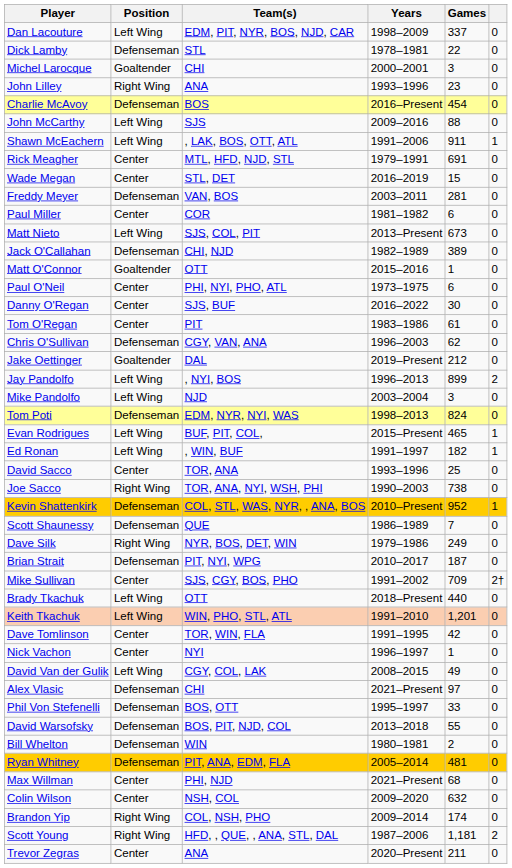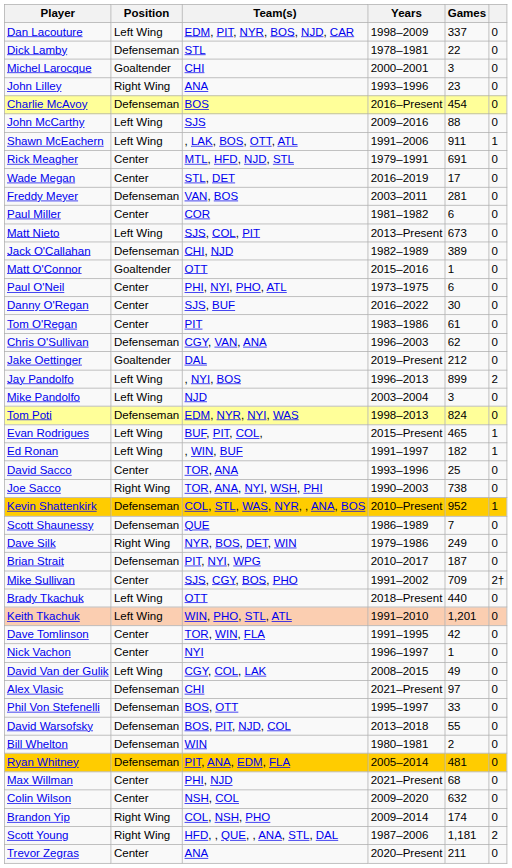 <table class="wikitable sortable">
 <tr>
 <th>Player</th>
 <th>Position</th>
 <th>Team(s)</th>
 <th>Years</th>
 <th>Games</th>
 <th><a href='#'></a></th>
 </tr>
 <tr>
 <td><a href='#'>Dan Lacouture</a></td>
 <td>Left Wing</td>
 <td><a href='#'>EDM</a>, <a href='#'>PIT</a>, <a href='#'>NYR</a>, <a href='#'>BOS</a>, <a href='#'>NJD</a>, <a href='#'>CAR</a></td>
 <td>1998–2009</td>
 <td>337</td>
 <td>0</td>
 </tr>
 <tr>
 <td><a href='#'>Dick Lamby</a></td>
 <td>Defenseman</td>
 <td><a href='#'>STL</a></td>
 <td>1978–1981</td>
 <td>22</td>
 <td>0</td>
 </tr>
 <tr>
 <td><a href='#'>Michel Larocque</a></td>
 <td>Goaltender</td>
 <td><a href='#'>CHI</a></td>
 <td>2000–2001</td>
 <td>3</td>
 <td>0</td>
 </tr>
 <tr>
 <td><a href='#'>John Lilley</a></td>
 <td>Right Wing</td>
 <td><a href='#'>ANA</a></td>
 <td>1993–1996</td>
 <td>23</td>
 <td>0</td>
 </tr>
 <tr bgcolor=FFFF99>
 <td><a href='#'>Charlie McAvoy</a></td>
 <td>Defenseman</td>
 <td><a href='#'>BOS</a></td>
 <td>2016–Present</td>
 <td>454</td>
 <td>0</td>
 </tr>
 <tr>
 <td><a href='#'>John McCarthy</a></td>
 <td>Left Wing</td>
 <td><a href='#'>SJS</a></td>
 <td>2009–2016</td>
 <td>88</td>
 <td>0</td>
 </tr>
 <tr>
 <td><a href='#'>Shawn McEachern</a></td>
 <td>Left Wing</td>
 <td><span><strong></strong></span>, <a href='#'>LAK</a>, <a href='#'>BOS</a>, <a href='#'>OTT</a>, <a href='#'>ATL</a></td>
 <td>1991–2006</td>
 <td>911</td>
 <td>1</td>
 </tr>
 <tr>
 <td><a href='#'>Rick Meagher</a></td>
 <td>Center</td>
 <td><a href='#'>MTL</a>, <a href='#'>HFD</a>, <a href='#'>NJD</a>, <a href='#'>STL</a></td>
 <td>1979–1991</td>
 <td>691</td>
 <td>0</td>
 </tr>
 <tr>
 <td><a href='#'>Wade Megan</a></td>
 <td>Center</td>
 <td><a href='#'>STL</a>, <a href='#'>DET</a></td>
 <td>2016–2019</td>
-<td>15</td>
+<td>17</td>
 <td>0</td>
 </tr>
 <tr>
 <td><a href='#'>Freddy Meyer</a></td>
 <td>Defenseman</td>
 <td><a href='#'>VAN</a>, <a href='#'>BOS</a></td>
 <td>2003–2011</td>
 <td>281</td>
 <td>0</td>
 </tr>
 <tr>
 <td><a href='#'>Paul Miller</a></td>
 <td>Center</td>
 <td><a href='#'>COR</a></td>
 <td>1981–1982</td>
 <td>6</td>
 <td>0</td>
 </tr>
 <tr>
 <td><a href='#'>Matt Nieto</a></td>
 <td>Left Wing</td>
 <td><a href='#'>SJS</a>, <a href='#'>COL</a>, <a href='#'>PIT</a></td>
 <td>2013–Present</td>
 <td>673</td>
 <td>0</td>
 </tr>
 <tr>
 <td><a href='#'>Jack O'Callahan</a></td>
 <td>Defenseman</td>
 <td><a href='#'>CHI</a>, <a href='#'>NJD</a></td>
 <td>1982–1989</td>
 <td>389</td>
 <td>0</td>
 </tr>
 <tr>
 <td><a href='#'>Matt O'Connor</a></td>
 <td>Goaltender</td>
 <td><a href='#'>OTT</a></td>
 <td>2015–2016</td>
 <td>1</td>
 <td>0</td>
 </tr>
 <tr>
 <td><a href='#'>Paul O'Neil</a></td>
 <td>Center</td>
 <td><a href='#'>PHI</a>, <a href='#'>NYI</a>, <a href='#'>PHO</a>, <a href='#'>ATL</a></td>
 <td>1973–1975</td>
 <td>6</td>
 <td>0</td>
 </tr>
 <tr>
 <td><a href='#'>Danny O'Regan</a></td>
 <td>Center</td>
 <td><a href='#'>SJS</a>, <a href='#'>BUF</a></td>
 <td>2016–2022</td>
 <td>30</td>
 <td>0</td>
 </tr>
 <tr>
 <td><a href='#'>Tom O'Regan</a></td>
 <td>Center</td>
 <td><a href='#'>PIT</a></td>
 <td>1983–1986</td>
 <td>61</td>
 <td>0</td>
 </tr>
 <tr>
 <td><a href='#'>Chris O'Sullivan</a></td>
 <td>Defenseman</td>
 <td><a href='#'>CGY</a>, <a href='#'>VAN</a>, <a href='#'>ANA</a></td>
 <td>1996–2003</td>
 <td>62</td>
 <td>0</td>
 </tr>
 <tr>
 <td><a href='#'>Jake Oettinger</a></td>
 <td>Goaltender</td>
 <td><a href='#'>DAL</a></td>
 <td>2019–Present</td>
 <td>212</td>
 <td>0</td>
 </tr>
 <tr>
 <td><a href='#'>Jay Pandolfo</a></td>
 <td>Left Wing</td>
 <td><span><strong></strong></span>, <a href='#'>NYI</a>, <a href='#'>BOS</a></td>
 <td>1996–2013</td>
 <td>899</td>
 <td>2</td>
 </tr>
 <tr>
 <td><a href='#'>Mike Pandolfo</a></td>
 <td>Left Wing</td>
 <td><a href='#'>NJD</a></td>
 <td>2003–2004</td>
 <td>3</td>
 <td>0</td>
 </tr>
 <tr bgcolor=FFFF99>
 <td><a href='#'>Tom Poti</a></td>
 <td>Defenseman</td>
 <td><a href='#'>EDM</a>, <a href='#'>NYR</a>, <a href='#'>NYI</a>, <a href='#'>WAS</a></td>
 <td>1998–2013</td>
 <td>824</td>
 <td>0</td>
 </tr>
 <tr>
 <td><a href='#'>Evan Rodrigues</a></td>
 <td>Left Wing</td>
 <td><a href='#'>BUF</a>, <a href='#'>PIT</a>, <a href='#'>COL</a>, <span><strong></strong></span></td>
 <td>2015–Present</td>
 <td>465</td>
 <td>1</td>
 </tr>
 <tr>
 <td><a href='#'>Ed Ronan</a></td>
 <td>Left Wing</td>
 <td><span><strong></strong></span>, <a href='#'>WIN</a>, <a href='#'>BUF</a></td>
 <td>1991–1997</td>
 <td>182</td>
 <td>1</td>
 </tr>
 <tr>
 <td><a href='#'>David Sacco</a></td>
 <td>Center</td>
 <td><a href='#'>TOR</a>, <a href='#'>ANA</a></td>
 <td>1993–1996</td>
 <td>25</td>
 <td>0</td>
 </tr>
 <tr>
 <td><a href='#'>Joe Sacco</a></td>
 <td>Right Wing</td>
 <td><a href='#'>TOR</a>, <a href='#'>ANA</a>, <a href='#'>NYI</a>, <a href='#'>WSH</a>, <a href='#'>PHI</a></td>
 <td>1990–2003</td>
 <td>738</td>
 <td>0</td>
 </tr>
 <tr bgcolor=FFCC00>
 <td><a href='#'>Kevin Shattenkirk</a></td>
 <td>Defenseman</td>
 <td><a href='#'>COL</a>, <a href='#'>STL</a>, <a href='#'>WAS</a>, <a href='#'>NYR</a>, <span><strong></strong></span>, <a href='#'>ANA</a>, <a href='#'>BOS</a></td>
 <td>2010–Present</td>
 <td>952</td>
 <td>1</td>
 </tr>
 <tr>
 <td><a href='#'>Scott Shaunessy</a></td>
 <td>Defenseman</td>
 <td><a href='#'>QUE</a></td>
 <td>1986–1989</td>
 <td>7</td>
 <td>0</td>
 </tr>
 <tr>
 <td><a href='#'>Dave Silk</a></td>
 <td>Right Wing</td>
 <td><a href='#'>NYR</a>, <a href='#'>BOS</a>, <a href='#'>DET</a>, <a href='#'>WIN</a></td>
 <td>1979–1986</td>
 <td>249</td>
 <td>0</td>
 </tr>
 <tr>
 <td><a href='#'>Brian Strait</a></td>
 <td>Defenseman</td>
 <td><a href='#'>PIT</a>, <a href='#'>NYI</a>, <a href='#'>WPG</a></td>
 <td>2010–2017</td>
 <td>187</td>
 <td>0</td>
 </tr>
 <tr>
 <td><a href='#'>Mike Sullivan</a></td>
 <td>Center</td>
 <td><a href='#'>SJS</a>, <a href='#'>CGY</a>, <a href='#'>BOS</a>, <a href='#'>PHO</a></td>
 <td>1991–2002</td>
 <td>709</td>
 <td>2†</td>
 </tr>
 <tr>
 <td><a href='#'>Brady Tkachuk</a></td>
 <td>Left Wing</td>
 <td><a href='#'>OTT</a></td>
 <td>2018–Present</td>
 <td>440</td>
 <td>0</td>
 </tr>
 <tr bgcolor=FBCEB1>
 <td><a href='#'>Keith Tkachuk</a></td>
 <td>Left Wing</td>
 <td><a href='#'>WIN</a>, <a href='#'>PHO</a>, <a href='#'>STL</a>, <a href='#'>ATL</a></td>
 <td>1991–2010</td>
 <td>1,201</td>
 <td>0</td>
 </tr>
 <tr>
 <td><a href='#'>Dave Tomlinson</a></td>
 <td>Center</td>
 <td><a href='#'>TOR</a>, <a href='#'>WIN</a>, <a href='#'>FLA</a></td>
 <td>1991–1995</td>
 <td>42</td>
 <td>0</td>
 </tr>
 <tr>
 <td><a href='#'>Nick Vachon</a></td>
 <td>Center</td>
 <td><a href='#'>NYI</a></td>
 <td>1996–1997</td>
 <td>1</td>
 <td>0</td>
 </tr>
 <tr>
 <td><a href='#'>David Van der Gulik</a></td>
 <td>Left Wing</td>
 <td><a href='#'>CGY</a>, <a href='#'>COL</a>, <a href='#'>LAK</a></td>
 <td>2008–2015</td>
 <td>49</td>
 <td>0</td>
 </tr>
 <tr>
 <td><a href='#'>Alex Vlasic</a></td>
 <td>Defenseman</td>
 <td><a href='#'>CHI</a></td>
 <td>2021–Present</td>
 <td>97</td>
 <td>0</td>
 </tr>
 <tr>
 <td><a href='#'>Phil Von Stefenelli</a></td>
 <td>Defenseman</td>
 <td><a href='#'>BOS</a>, <a href='#'>OTT</a></td>
 <td>1995–1997</td>
 <td>33</td>
 <td>0</td>
 </tr>
 <tr>
 <td><a href='#'>David Warsofsky</a></td>
 <td>Defenseman</td>
 <td><a href='#'>BOS</a>, <a href='#'>PIT</a>, <a href='#'>NJD</a>, <a href='#'>COL</a></td>
 <td>2013–2018</td>
 <td>55</td>
 <td>0</td>
 </tr>
 <tr>
 <td><a href='#'>Bill Whelton</a></td>
 <td>Defenseman</td>
 <td><a href='#'>WIN</a></td>
 <td>1980–1981</td>
 <td>2</td>
 <td>0</td>
 </tr>
 <tr bgcolor=FFCC00>
 <td><a href='#'>Ryan Whitney</a></td>
 <td>Defenseman</td>
 <td><a href='#'>PIT</a>, <a href='#'>ANA</a>, <a href='#'>EDM</a>, <a href='#'>FLA</a></td>
 <td>2005–2014</td>
 <td>481</td>
 <td>0</td>
 </tr>
 <tr>
 <td><a href='#'>Max Willman</a></td>
 <td>Center</td>
 <td><a href='#'>PHI</a>, <a href='#'>NJD</a></td>
 <td>2021–Present</td>
 <td>68</td>
 <td>0</td>
 </tr>
 <tr>
 <td><a href='#'>Colin Wilson</a></td>
 <td>Center</td>
 <td><a href='#'>NSH</a>, <a href='#'>COL</a></td>
 <td>2009–2020</td>
 <td>632</td>
 <td>0</td>
 </tr>
 <tr>
 <td><a href='#'>Brandon Yip</a></td>
 <td>Right Wing</td>
 <td><a href='#'>COL</a>, <a href='#'>NSH</a>, <a href='#'>PHO</a></td>
 <td>2009–2014</td>
 <td>174</td>
 <td>0</td>
 </tr>
 <tr>
 <td><a href='#'>Scott Young</a></td>
 <td>Right Wing</td>
 <td><a href='#'>HFD</a>, <span><strong></strong></span>, <a href='#'>QUE</a>, <span><strong></strong></span>, <a href='#'>ANA</a>, <a href='#'>STL</a>, <a href='#'>DAL</a></td>
 <td>1987–2006</td>
 <td>1,181</td>
 <td>2</td>
 </tr>
 <tr>
 <td><a href='#'>Trevor Zegras</a></td>
 <td>Center</td>
 <td><a href='#'>ANA</a></td>
 <td>2020–Present</td>
 <td>211</td>
 <td>0</td>
 </tr>
 </table>
